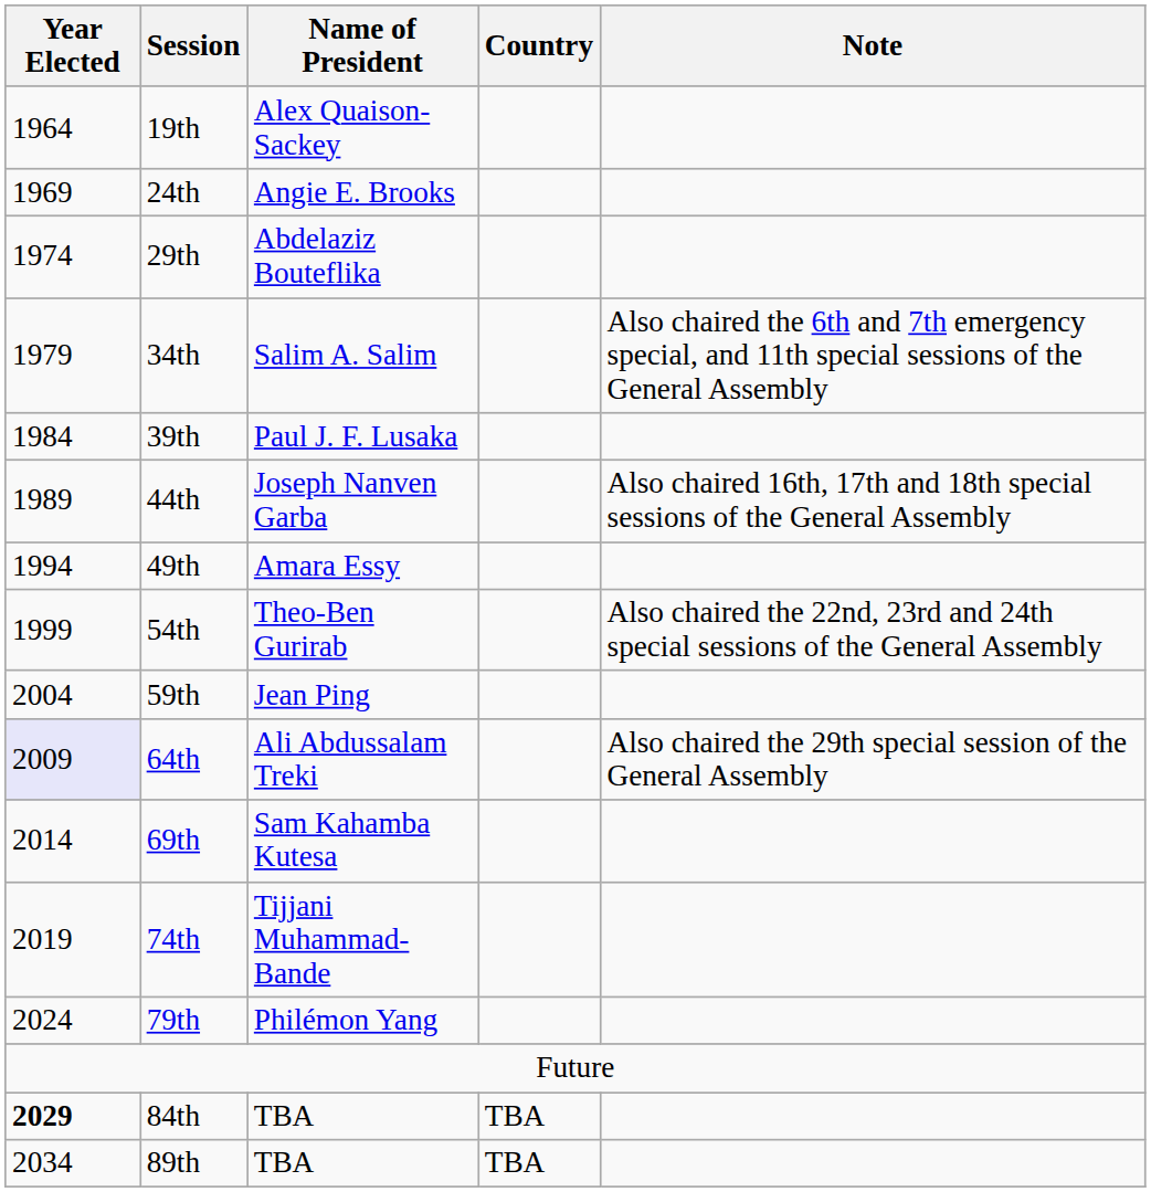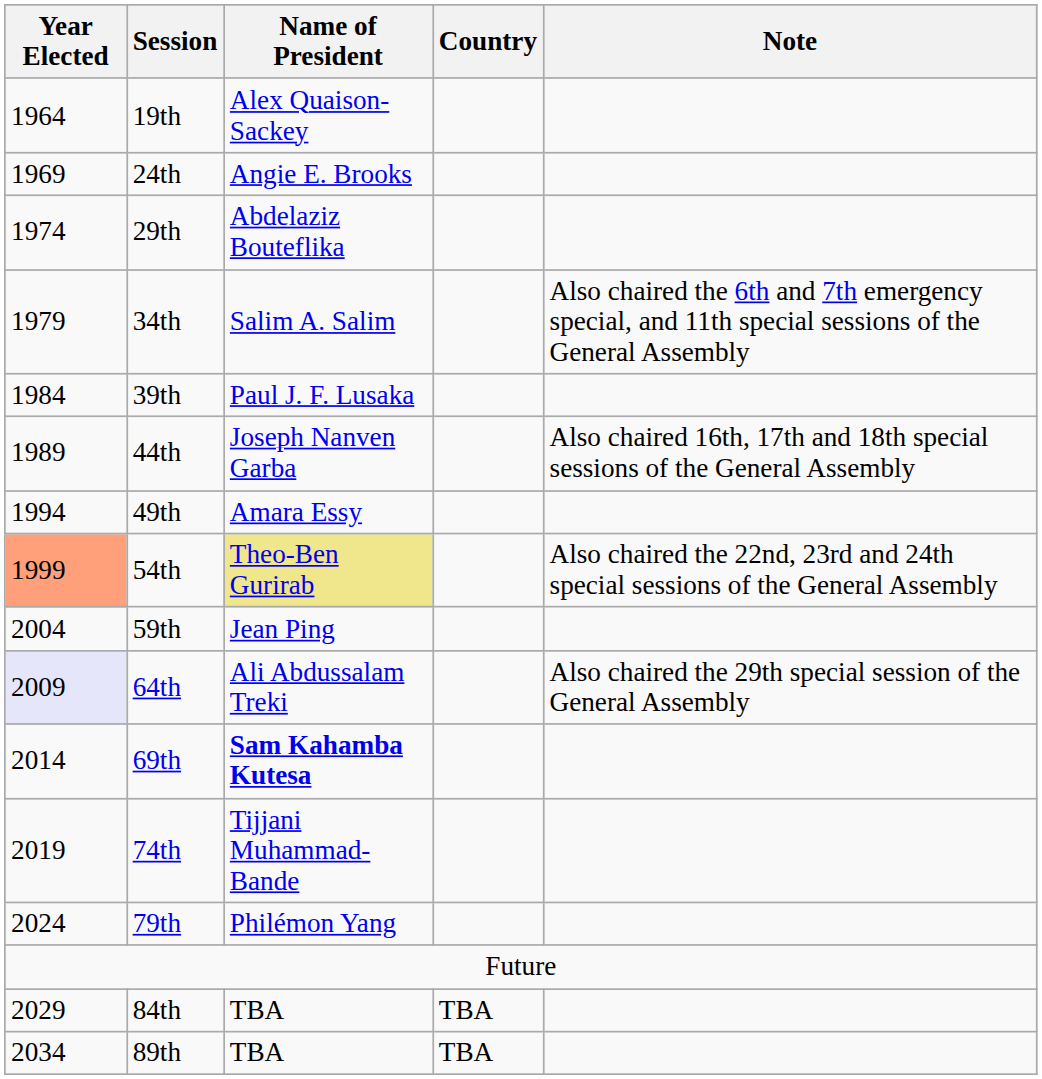 <table class="wikitable sortable">
 <tr>
 <th>Year Elected</th>
 <th>Session</th>
 <th>Name of President</th>
 <th>Country</th>
 <th>Note</th>
 </tr>
 <tr>
 <td>1964</td>
 <td>19th</td>
 <td><a href='#'>Alex Quaison-Sackey</a></td>
 <td></td>
 <td></td>
 </tr>
 <tr>
 <td>1969</td>
 <td>24th</td>
 <td><a href='#'>Angie E. Brooks</a></td>
 <td></td>
 <td></td>
 </tr>
 <tr>
 <td>1974</td>
 <td>29th</td>
 <td><a href='#'>Abdelaziz Bouteflika</a></td>
 <td></td>
 <td></td>
 </tr>
 <tr>
 <td>1979</td>
 <td>34th</td>
 <td><a href='#'>Salim A. Salim</a></td>
 <td></td>
 <td>Also chaired the <a href='#'>6th</a> and <a href='#'>7th</a> emergency special, and 11th special sessions of the General Assembly</td>
 </tr>
 <tr>
 <td>1984</td>
 <td>39th</td>
 <td><a href='#'>Paul J. F. Lusaka</a></td>
 <td></td>
 <td></td>
 </tr>
 <tr>
 <td>1989</td>
 <td>44th</td>
 <td><a href='#'>Joseph Nanven Garba</a></td>
 <td></td>
 <td>Also chaired 16th, 17th and 18th special sessions of the General Assembly</td>
 </tr>
 <tr>
 <td>1994</td>
 <td>49th</td>
 <td><a href='#'>Amara Essy</a></td>
 <td></td>
 <td></td>
 </tr>
 <tr>
-<td>1999</td>
+<td style="background: lightsalmon;">1999</td>
 <td>54th</td>
-<td><a href='#'>Theo-Ben Gurirab</a></td>
+<td style="background: khaki;"><a href='#'>Theo-Ben Gurirab</a></td>
 <td></td>
 <td>Also chaired the 22nd, 23rd and 24th special sessions of the General Assembly</td>
 </tr>
 <tr>
 <td>2004</td>
 <td>59th</td>
 <td><a href='#'>Jean Ping</a></td>
 <td></td>
 <td></td>
 </tr>
 <tr>
 <td style="background: lavender;">2009</td>
 <td><a href='#'>64th</a></td>
 <td><a href='#'>Ali Abdussalam Treki</a></td>
 <td></td>
 <td>Also chaired the 29th special session of the General Assembly</td>
 </tr>
 <tr>
 <td>2014</td>
 <td><a href='#'>69th</a></td>
-<td><a href='#'>Sam Kahamba Kutesa</a></td>
+<td><strong><a href='#'>Sam Kahamba Kutesa</a></strong></td>
 <td></td>
 <td></td>
 </tr>
 <tr>
 <td>2019</td>
 <td><a href='#'>74th</a></td>
 <td><a href='#'>Tijjani Muhammad-Bande</a></td>
 <td></td>
 <td></td>
 </tr>
 <tr>
 <td>2024</td>
 <td><a href='#'>79th</a></td>
 <td><a href='#'>Philémon Yang</a></td>
 <td></td>
 <td></td>
 </tr>
 <tr>
 <td colspan="5" style="text-align: center;">Future</td>
 </tr>
 <tr>
-<td><strong>2029</strong></td>
+<td>2029</td>
 <td>84th</td>
 <td>TBA</td>
 <td>TBA</td>
 <td></td>
 </tr>
 <tr>
 <td>2034</td>
 <td>89th</td>
 <td>TBA</td>
 <td>TBA</td>
 <td></td>
 </tr>
 </table>
